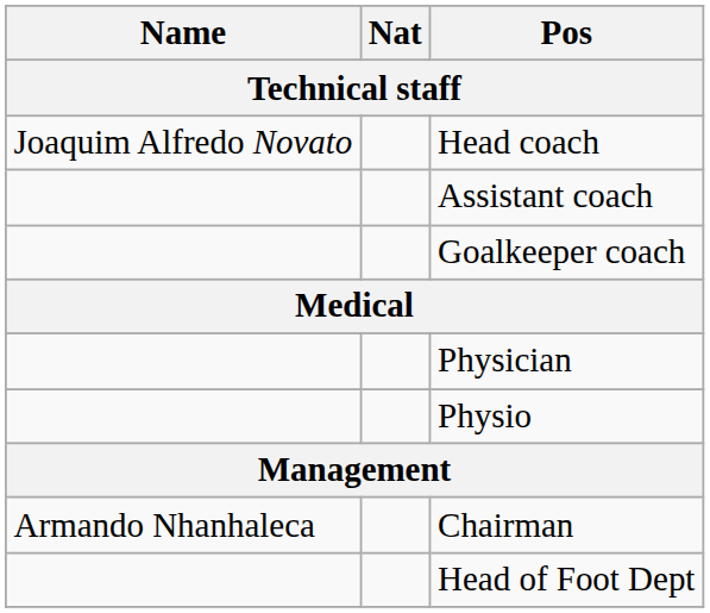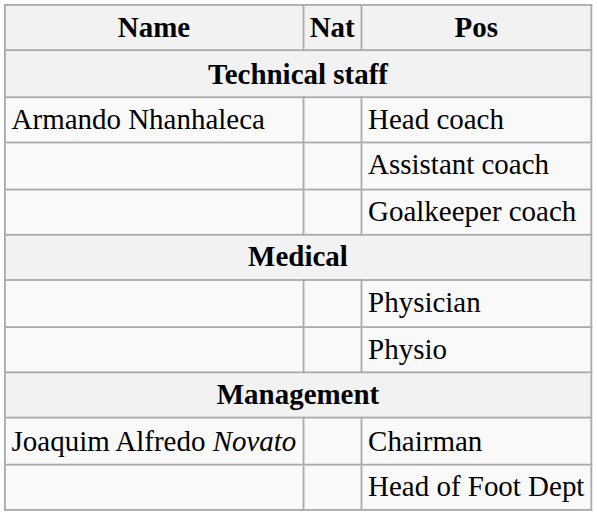 <table class="wikitable ve-ce-branchNode ve-ce-tableNode">
 <tr>
 <th>Name</th>
 <th>Nat</th>
 <th>Pos</th>
 </tr>
 <tr>
 <th colspan="4">Technical staff</th>
 </tr>
 <tr>
-<td>Joaquim Alfredo <em>Novato</em></td>
+<td>Armando Nhanhaleca</td>
 <td></td>
 <td>Head coach</td>
 </tr>
 <tr>
 <td></td>
 <td></td>
 <td>Assistant coach</td>
 </tr>
 <tr>
 <td></td>
 <td></td>
 <td>Goalkeeper coach</td>
 </tr>
 <tr>
 <th colspan="4">Medical</th>
 </tr>
 <tr>
 <td></td>
 <td></td>
 <td>Physician</td>
 </tr>
 <tr>
 <td></td>
 <td></td>
 <td>Physio</td>
 </tr>
 <tr>
 <th colspan="4">Management</th>
 </tr>
 <tr>
-<td>Armando Nhanhaleca</td>
+<td>Joaquim Alfredo <em>Novato</em></td>
 <td></td>
 <td>Chairman</td>
 </tr>
 <tr>
 <td></td>
 <td></td>
 <td>Head of Foot Dept</td>
 </tr>
 </table>
